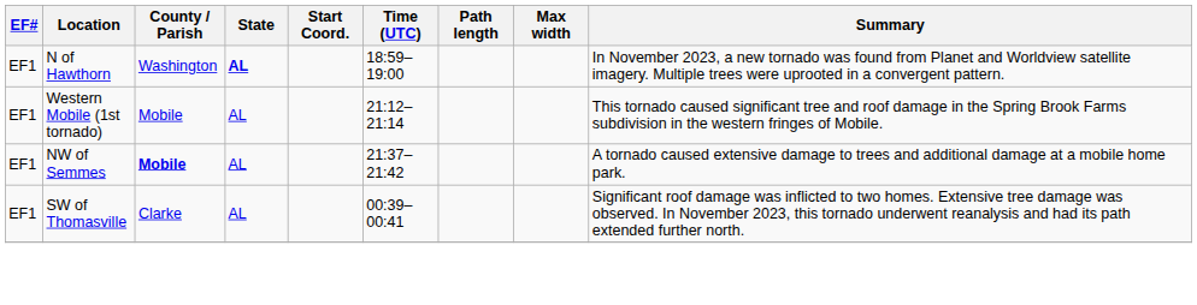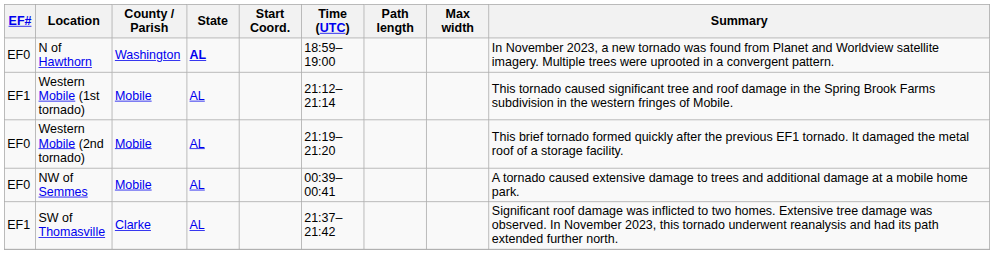 <table class="wikitable sortable" style="width:100%;">
 <tr>
 <th scope="col"  style="width:3%; text-align:center;"><a href='#'>EF#</a></th>
 <th scope="col"  style="width:7%; text-align:center;" class="unsortable">Location</th>
 <th scope="col"  style="width:6%; text-align:center;" class="unsortable">County / Parish</th>
 <th scope="col"  style="width:5%; text-align:center;">State</th>
 <th scope="col"  style="width:6%; text-align:center;">Start Coord.</th>
 <th scope="col"  style="width:6%; text-align:center;">Time (<a href='#'>UTC</a>)</th>
 <th scope="col"  style="width:6%; text-align:center;">Path length</th>
 <th scope="col"  style="width:6%; text-align:center;">Max width</th>
 <th scope="col" class="unsortable" style="width:48%; text-align:center;">Summary</th>
 </tr>
 <tr>
-<td>EF1</td>
+<td bgcolor=>EF0</td>
 <td>N of <a href='#'>Hawthorn</a></td>
 <td><a href='#'>Washington</a></td>
 <td><strong><a href='#'>AL</a></strong></td>
 <td></td>
 <td>18:59–19:00</td>
 <td></td>
 <td></td>
 <td>In November 2023, a new tornado was found from Planet and Worldview satellite imagery. Multiple trees were uprooted in a convergent pattern.</td>
 </tr>
 <tr>
 <td bgcolor=>EF1</td>
 <td>Western <a href='#'>Mobile</a> (1st tornado)</td>
 <td><a href='#'>Mobile</a></td>
 <td><a href='#'>AL</a></td>
 <td></td>
 <td>21:12–21:14</td>
 <td></td>
 <td></td>
 <td>This tornado caused significant tree and roof damage in the Spring Brook Farms subdivision in the western fringes of Mobile.</td>
 </tr>
 <tr>
-<td bgcolor=>EF1</td>
-<td>NW of <a href='#'>Semmes</a></td>
-<td><strong><a href='#'>Mobile</a></strong></td>
+<td bgcolor=>EF0</td>
+<td>Western <a href='#'>Mobile</a> (2nd tornado)</td>
+<td><a href='#'>Mobile</a></td>
 <td><a href='#'>AL</a></td>
 <td></td>
-<td>21:37–21:42</td>
+<td>21:19–21:20</td>
+<td></td>
+<td></td>
+<td>This brief tornado formed quickly after the previous EF1 tornado. It damaged the metal roof of a storage facility.</td>
+</tr>
+<tr>
+<td bgcolor=>EF0</td>
+<td>NW of <a href='#'>Semmes</a></td>
+<td><a href='#'>Mobile</a></td>
+<td><a href='#'>AL</a></td>
+<td></td>
+<td>00:39–00:41</td>
 <td></td>
 <td></td>
 <td>A tornado caused extensive damage to trees and additional damage at a mobile home park.</td>
 </tr>
 <tr>
 <td bgcolor=>EF1</td>
 <td>SW of <a href='#'>Thomasville</a></td>
 <td><a href='#'>Clarke</a></td>
 <td><a href='#'>AL</a></td>
 <td></td>
-<td>00:39–00:41</td>
+<td>21:37–21:42</td>
 <td></td>
 <td></td>
 <td>Significant roof damage was inflicted to two homes. Extensive tree damage was observed. In November 2023, this tornado underwent reanalysis and had its path extended further north.</td>
 </tr>
 <tr>
 </tr>
 </table>
